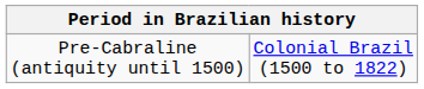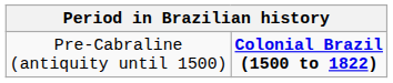 <table class="wikitable" style="margin:1em auto; text-align:center;">
 <tr>
 <th colspan="2">Period in Brazilian history</th>
 </tr>
 <tr>
 <td>Pre-Cabraline<br>(antiquity until 1500)</td>
-<td><a href='#'>Colonial Brazil</a><br>(1500 to <a href='#'>1822</a>)</td>
+<td><strong><a href='#'>Colonial Brazil</a><br>(1500 to <a href='#'>1822</a>)</strong></td>
 </tr>
 </table>
